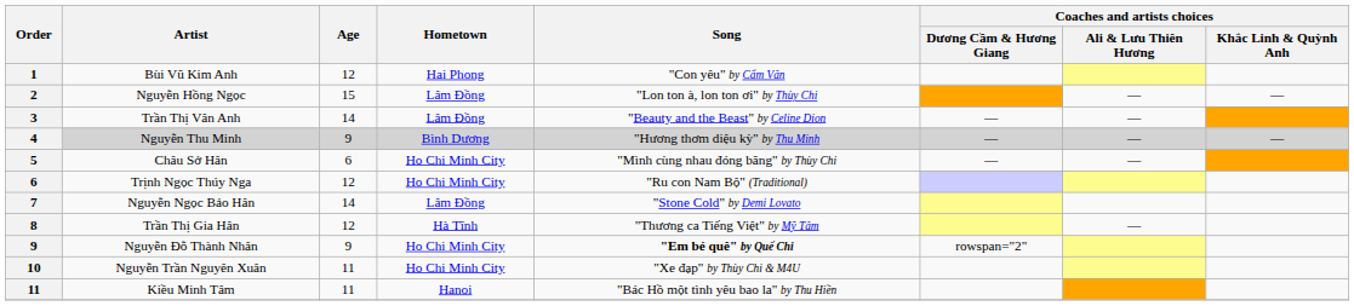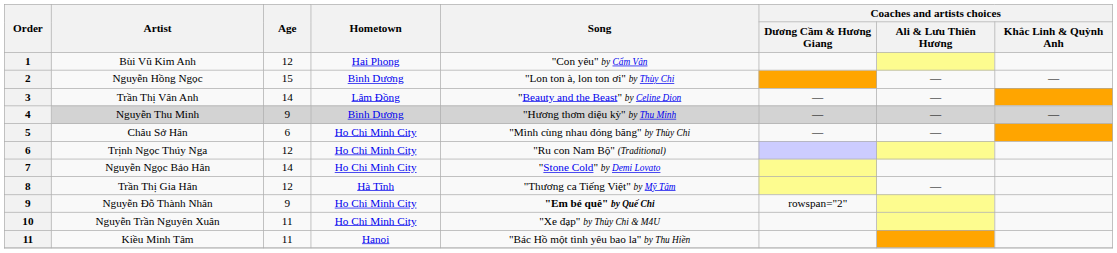 <table class="wikitable" style="text-align:center; width:100%;">
 <tr>
 <th scope="col" rowspan="2" style="width:04%;">Order</th>
 <th scope="col" rowspan="2" style="width:18%;">Artist</th>
 <th scope="col" rowspan="2" style="width:04%;">Age</th>
 <th scope="col" rowspan="2" style="width:11%;">Hometown</th>
 <th scope="col" rowspan="2" style="width:27%;">Song</th>
 <th scope="col" colspan="4" style="width:30%;">Coaches and artists choices</th>
 </tr>
 <tr>
 <th style="width:10%;">Dương Cầm & Hương Giang</th>
 <th style="width:10%;">Ali & Lưu Thiên Hương</th>
 <th style="width:10%;">Khắc Linh & Quỳnh Anh</th>
 </tr>
 <tr>
 <th scope="row">1</th>
 <td>Bùi Vũ Kim Anh</td>
 <td>12</td>
 <td><a href='#'>Hai Phong</a></td>
 <td>"Con yêu" <small><em>by <a href='#'>Cẩm Vân</a></em></small></td>
 <td style="text-align:center;"></td>
 <td style="background:#fdfc8f;text-align:center;"></td>
 <td style="text-align:center;"></td>
 </tr>
 <tr>
 <th scope="row">2</th>
 <td>Nguyễn Hồng Ngọc</td>
 <td>15</td>
-<td><a href='#'>Lâm Đồng</a></td>
+<td><a href='#'>Bình Dương</a></td>
 <td>"Lon ton à, lon ton ơi" <small><em>by <a href='#'>Thùy Chi</a></em></small></td>
 <td style="background:orange;text-align:center;"></td>
 <td style="text-align:center;">—</td>
 <td style="text-align:center;">—</td>
 </tr>
 <tr>
 <th scope="row">3</th>
 <td>Trần Thị Vân Anh</td>
 <td>14</td>
 <td><a href='#'>Lâm Đồng</a></td>
 <td>"<a href='#'>Beauty and the Beast</a>" <small><em>by <a href='#'>Celine Dion</a></em></small></td>
 <td style="text-align:center;">—</td>
 <td style="text-align:center;">—</td>
 <td style="background:orange;text-align:center;"></td>
 </tr>
 <tr>
 <th scope="row">4</th>
 <td style="background:lightgrey;">Nguyễn Thu Minh</td>
 <td style="background:lightgrey;">9</td>
 <td style="background:lightgrey;"><a href='#'>Bình Dương</a></td>
 <td style="background:lightgrey;">"Hương thơm diệu kỳ" <small><em>by <a href='#'>Thu Minh</a></em></small></td>
 <td style="background:lightgrey;text-align:center;">—</td>
 <td style="background:lightgrey;text-align:center;">—</td>
 <td style="background:lightgrey;text-align:center;">—</td>
 </tr>
 <tr>
 <th scope="row">5</th>
 <td>Châu Sở Hân</td>
 <td>6</td>
 <td><a href='#'>Ho Chi Minh City</a></td>
 <td>"Mình cùng nhau đóng băng" <small><em>by Thùy Chi</em></small></td>
 <td style="text-align:center;">—</td>
 <td style="text-align:center;">—</td>
 <td style="background:orange;text-align:center;"></td>
 </tr>
 <tr>
 <th scope="row">6</th>
 <td>Trịnh Ngọc Thúy Nga</td>
 <td>12</td>
 <td><a href='#'>Ho Chi Minh City</a></td>
 <td>"Ru con Nam Bộ" <small><em>(Traditional)</em></small></td>
 <td style="background:#ccf;text-align:center;"></td>
 <td style="background:#fdfc8f;text-align:center;"></td>
 <td style="text-align:center;"></td>
 </tr>
 <tr>
 <th scope="row">7</th>
 <td>Nguyễn Ngọc Bảo Hân</td>
 <td>14</td>
-<td><a href='#'>Lâm Đồng</a></td>
+<td><a href='#'>Ho Chi Minh City</a></td>
 <td>"<a href='#'>Stone Cold</a>" <small><em>by <a href='#'>Demi Lovato</a></em></small></td>
 <td style="background:#fdfc8f;text-align:center;"></td>
 <td style="text-align:center;"></td>
 <td style="text-align:center;"></td>
 </tr>
 <tr>
 <th scope="row">8</th>
 <td>Trần Thị Gia Hân</td>
 <td>12</td>
 <td><a href='#'>Hà Tĩnh</a></td>
 <td>"Thương ca Tiếng Việt" <small><em>by <a href='#'>Mỹ Tâm</a></em></small></td>
 <td style="background:#fdfc8f;text-align:center;"></td>
 <td style="text-align:center;">—</td>
 <td style="text-align:center;"></td>
 </tr>
 <tr>
 <th scope="row">9</th>
 <td>Nguyễn Đỗ Thành Nhân</td>
 <td>9</td>
 <td><a href='#'>Ho Chi Minh City</a></td>
 <td><strong>"Em bé quê" <small><em>by Quế Chi</em></small></strong></td>
 <td>rowspan="2" </td>
 <td style="background:#fdfc8f;text-align:center;"></td>
 <td style="text-align:center;"></td>
 </tr>
 <tr>
 <th scope="row">10</th>
 <td>Nguyễn Trần Nguyên Xuân</td>
 <td>11</td>
 <td><a href='#'>Ho Chi Minh City</a></td>
 <td>"Xe đạp" <small><em>by Thùy Chi & M4U</em></small></td>
 <td style="text-align:center;"></td>
 <td style="background:#fdfc8f;text-align:center;"></td>
 </tr>
 <tr>
 <th scope="row">11</th>
 <td>Kiều Minh Tâm</td>
 <td>11</td>
 <td><a href='#'>Hanoi</a></td>
 <td>"Bác Hồ một tình yêu bao la" <small><em>by Thu Hiền</em></small></td>
 <td></td>
 <td style="background:orange;text-align:center;"></td>
 <td></td>
 </tr>
 <tr>
 </tr>
 </table>
